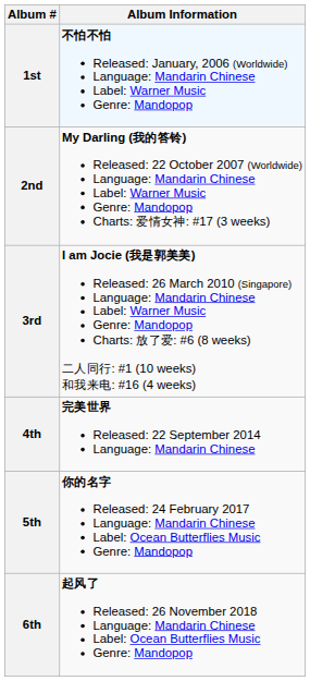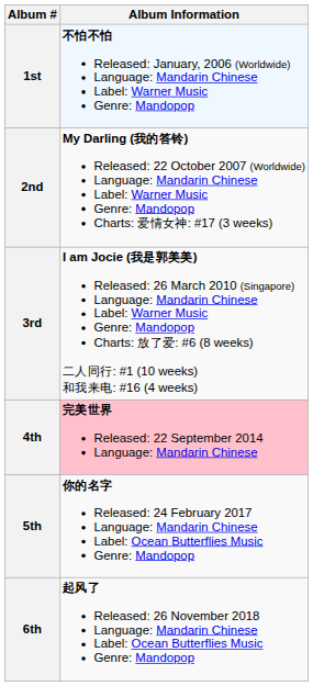 <table class="wikitable">
 <tr>
 <th align="left">Album #</th>
 <th align="left">Album Information</th>
 </tr>
 <tr bgcolor="#F0F8FF">
 <th align="left">1st</th>
 <td align="left"><strong>不怕不怕</strong><br><ul><li>Released: January, 2006 <small>(Worldwide)</small></li><li>Language: <a href='#'>Mandarin Chinese</a></li><li>Label: <a href='#'>Warner Music</a></li><li>Genre: <a href='#'>Mandopop</a></li></ul></td>
 </tr>
 <tr>
 <th align="left">2nd</th>
 <td align="left"><strong>My Darling (我的答铃)</strong><br><ul><li>Released: 22 October 2007 <small>(Worldwide)</small></li><li>Language: <a href='#'>Mandarin Chinese</a></li><li>Label: <a href='#'>Warner Music</a></li><li>Genre: <a href='#'>Mandopop</a></li><li>Charts: 爱情女神: #17 (3 weeks)</li></ul></td>
 </tr>
 <tr>
 <th align="left">3rd</th>
 <td align="left"><strong>I am Jocie (我是郭美美)</strong><br><ul><li>Released: 26 March 2010 <small>(Singapore)</small></li><li>Language: <a href='#'>Mandarin Chinese</a></li><li>Label: <a href='#'>Warner Music</a></li><li>Genre: <a href='#'>Mandopop</a></li><li>Charts: 放了爱: #6 (8 weeks)</li></ul>二人同行: #1 (10 weeks)<br>和我来电: #16 (4 weeks)</td>
 </tr>
 <tr>
 <th>4th</th>
-<td><strong>完美世界</strong><br><ul><li>Released: 22 September 2014</li><li>Language: <a href='#'>Mandarin Chinese</a></li></ul></td>
+<td style="background: pink;"><strong>完美世界</strong><br><ul><li>Released: 22 September 2014</li><li>Language: <a href='#'>Mandarin Chinese</a></li></ul></td>
 </tr>
 <tr>
 <th>5th</th>
 <td><strong>你的名字</strong><br><ul><li>Released: 24 February 2017</li><li>Language: <a href='#'>Mandarin Chinese</a></li><li>Label: <a href='#'>Ocean Butterflies Music</a></li><li>Genre: <a href='#'>Mandopop</a></li></ul></td>
 </tr>
 <tr>
 <th>6th</th>
 <td><strong>起风了</strong><br><ul><li>Released: 26 November 2018</li><li>Language: <a href='#'>Mandarin Chinese</a></li><li>Label: <a href='#'>Ocean Butterflies Music</a></li><li>Genre: <a href='#'>Mandopop</a></li></ul></td>
 </tr>
 </table>
